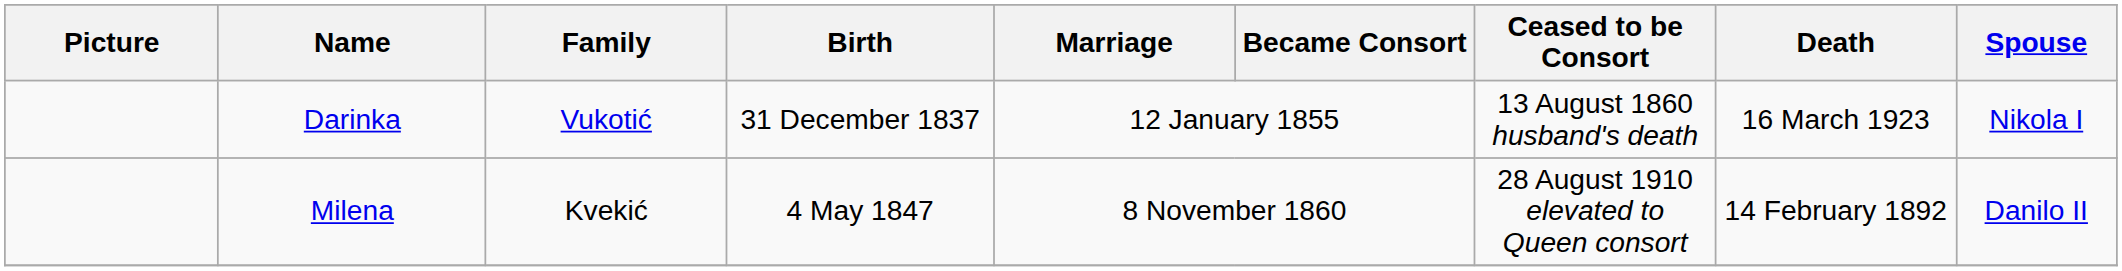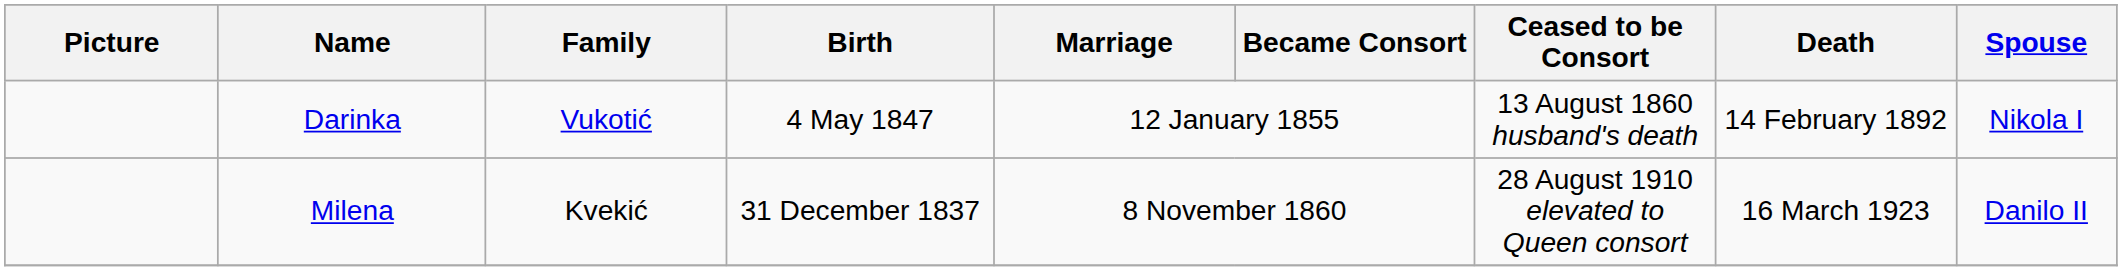 <table width=95% class="wikitable">
 <tr>
 <th width = "8%">Picture</th>
 <th width = "10%">Name</th>
 <th width = "9%">Family</th>
 <th width = "10%">Birth</th>
 <th width = "9%">Marriage</th>
 <th width = "9%">Became Consort</th>
 <th width = "9%">Ceased to be Consort</th>
 <th width = "9%">Death</th>
 <th width = "6%"><a href='#'>Spouse</a></th>
 </tr>
 <tr>
 <td align="center"></td>
 <td align="center"><a href='#'>Darinka</a></td>
 <td align="center"><a href='#'>Vukotić</a></td>
-<td align="center">31 December 1837</td>
+<td align="center">4 May 1847</td>
 <td align=center colspan="2">12 January 1855</td>
 <td align="center">13 August 1860<br><em>husband's death</em></td>
-<td align="center">16 March 1923</td>
+<td align="center">14 February 1892</td>
 <td align="center"><a href='#'>Nikola I</a></td>
 </tr>
 <tr>
 <td align="center"></td>
 <td align="center"><a href='#'>Milena</a></td>
 <td align="center">Kvekić</td>
-<td align="center">4 May 1847</td>
+<td align="center">31 December 1837</td>
 <td align=center colspan="2">8 November 1860</td>
 <td align="center">28 August 1910<br><em>elevated to Queen consort</em></td>
-<td align="center">14 February 1892</td>
+<td align="center">16 March 1923</td>
 <td align="center"><a href='#'>Danilo II</a></td>
 </tr>
 <tr>
 </tr>
 </table>
